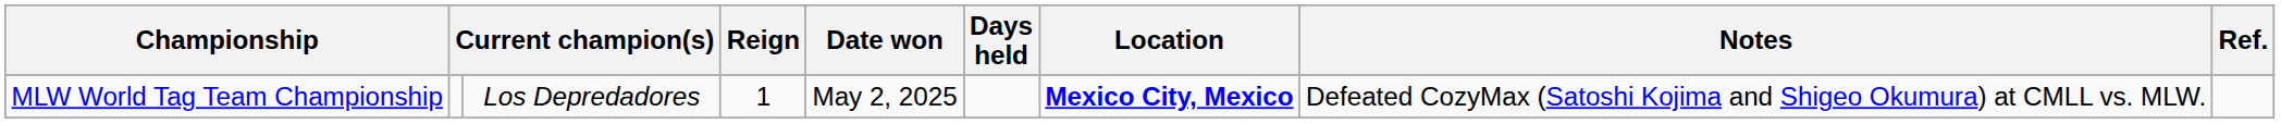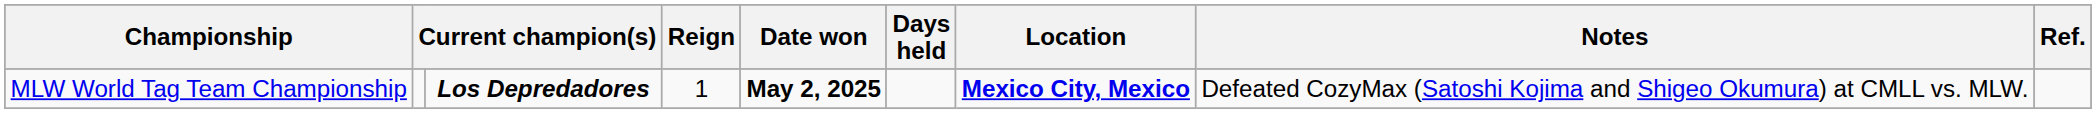 <table class="wikitable sortable" style="text-align: center; font-size:85%;">
 <tr>
 <th>Championship</th>
 <th colspan=2>Current champion(s)</th>
 <th>Reign</th>
 <th>Date won</th>
 <th>Days<br>held</th>
 <th>Location</th>
 <th>Notes</th>
 <th>Ref.</th>
 </tr>
 <tr>
 <td align=center><a href='#'>MLW World Tag Team Championship</a></td>
 <td align=center><br></td>
-<td align=center><em>Los Depredadores</em><br></td>
+<td align=center><strong><em>Los Depredadores</em><br></strong></td>
 <td align=center>1</td>
-<td align=center>May 2, 2025</td>
+<td align=center><strong>May 2, 2025</strong></td>
 <td align=center></td>
 <td align=center><strong><a href='#'>Mexico City, Mexico</a></strong></td>
 <td align="left">Defeated CozyMax (<a href='#'>Satoshi Kojima</a> and <a href='#'>Shigeo Okumura</a>) at CMLL vs. MLW.</td>
 <td></td>
 </tr>
 </table>
